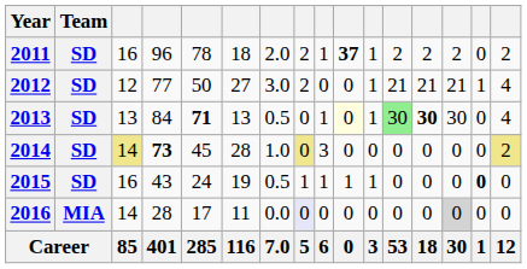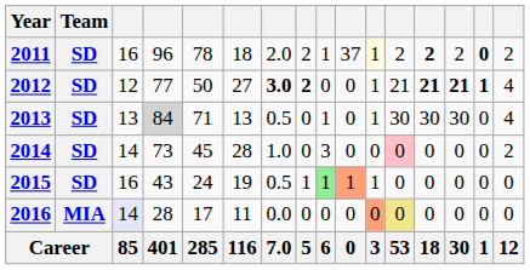 <table class="wikitable sortable" style="text-align:center">
 <tr>
 <th>Year</th>
 <th>Team</th>
 <th></th>
 <th></th>
 <th></th>
 <th></th>
 <th></th>
 <th></th>
 <th></th>
 <th></th>
 <th></th>
 <th></th>
 <th></th>
 <th></th>
 <th></th>
 <th></th>
 </tr>
 <tr>
 <th><a href='#'>2011</a></th>
 <th><a href='#'>SD</a></th>
 <td>16</td>
 <td>96</td>
 <td>78</td>
 <td>18</td>
 <td>2.0</td>
 <td>2</td>
 <td>1</td>
-<td><strong>37</strong></td>
-<td>1</td>
+<td>37</td>
+<td style="background: lightyellow;">1</td>
 <td>2</td>
+<td><strong>2</strong></td>
 <td>2</td>
-<td>2</td>
-<td>0</td>
+<td><strong>0</strong></td>
 <td>2</td>
 </tr>
 <tr>
 <th><a href='#'>2012</a></th>
 <th><a href='#'>SD</a></th>
 <td>12</td>
 <td>77</td>
 <td>50</td>
 <td>27</td>
-<td>3.0</td>
-<td>2</td>
+<td><strong>3.0</strong></td>
+<td><strong>2</strong></td>
 <td>0</td>
 <td>0</td>
 <td>1</td>
 <td>21</td>
-<td>21</td>
-<td>21</td>
-<td>1</td>
+<td><strong>21</strong></td>
+<td><strong>21</strong></td>
+<td><strong>1</strong></td>
 <td>4</td>
 </tr>
 <tr>
 <th><a href='#'>2013</a></th>
 <th><a href='#'>SD</a></th>
 <td>13</td>
-<td>84</td>
-<td><strong>71</strong></td>
+<td style="background: lightgrey;">84</td>
+<td>71</td>
 <td>13</td>
 <td>0.5</td>
 <td>0</td>
 <td>1</td>
-<td style="background: lightyellow;">0</td>
+<td>0</td>
 <td>1</td>
-<td style="background: lightgreen;">30</td>
-<td><strong>30</strong></td>
+<td>30</td>
+<td>30</td>
 <td>30</td>
 <td>0</td>
 <td>4</td>
 </tr>
 <tr>
 <th><a href='#'>2014</a></th>
 <th><a href='#'>SD</a></th>
-<td style="background: khaki;">14</td>
-<td><strong>73</strong></td>
+<td>14</td>
+<td>73</td>
 <td>45</td>
 <td>28</td>
 <td>1.0</td>
-<td style="background: khaki;">0</td>
+<td>0</td>
 <td>3</td>
 <td>0</td>
 <td>0</td>
+<td style="background: pink;">0</td>
 <td>0</td>
 <td>0</td>
 <td>0</td>
-<td>0</td>
-<td style="background: khaki;">2</td>
+<td>2</td>
 </tr>
 <tr>
 <th><a href='#'>2015</a></th>
 <th><a href='#'>SD</a></th>
 <td>16</td>
 <td>43</td>
 <td>24</td>
 <td>19</td>
 <td>0.5</td>
 <td>1</td>
-<td>1</td>
-<td>1</td>
+<td style="background: lightgreen;">1</td>
+<td style="background: lightsalmon;">1</td>
 <td>1</td>
 <td>0</td>
 <td>0</td>
 <td>0</td>
-<td><strong>0</strong></td>
+<td>0</td>
 <td>0</td>
 </tr>
 <tr>
 <th><a href='#'>2016</a></th>
 <th><a href='#'>MIA</a></th>
-<td>14</td>
+<td style="background: lavender;">14</td>
 <td>28</td>
 <td>17</td>
 <td>11</td>
 <td>0.0</td>
-<td style="background: lavender;">0</td>
 <td>0</td>
 <td>0</td>
 <td>0</td>
+<td style="background: lightsalmon;">0</td>
+<td style="background: khaki;">0</td>
 <td>0</td>
 <td>0</td>
-<td style="background: lightgrey;">0</td>
 <td>0</td>
 <td>0</td>
 </tr>
 <tr>
 <th colspan="2">Career</th>
 <th>85</th>
 <th>401</th>
 <th>285</th>
 <th>116</th>
 <th>7.0</th>
 <th>5</th>
 <th>6</th>
 <th>0</th>
 <th>3</th>
 <th>53</th>
 <th>18</th>
 <th>30</th>
 <th>1</th>
 <th>12</th>
 </tr>
 </table>
